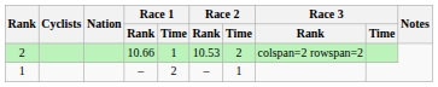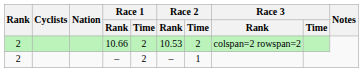 <table class="wikitable sortable" style="text-align:center">
 <tr>
 <th rowspan=2>Rank</th>
 <th rowspan=2>Cyclists</th>
 <th rowspan=2>Nation</th>
 <th colspan=2>Race 1</th>
 <th colspan=2>Race 2</th>
 <th colspan=2>Race 3</th>
 <th rowspan=2>Notes</th>
 </tr>
 <tr>
 <th>Rank</th>
 <th>Time</th>
 <th>Rank</th>
 <th>Time</th>
 <th>Rank</th>
 <th>Time</th>
 </tr>
 <tr bgcolor=bbf3bb>
 <td>2</td>
 <td align=left></td>
 <td align=left></td>
 <td>10.66</td>
-<td>1</td>
+<td>2</td>
 <td>10.53</td>
 <td>2</td>
 <td>colspan=2 rowspan=2 </td>
 <td></td>
 </tr>
 <tr>
-<td>1</td>
+<td>2</td>
 <td align=left></td>
 <td align=left></td>
 <td>–</td>
 <td>2</td>
 <td>–</td>
 <td>1</td>
 <td></td>
 </tr>
 </table>
